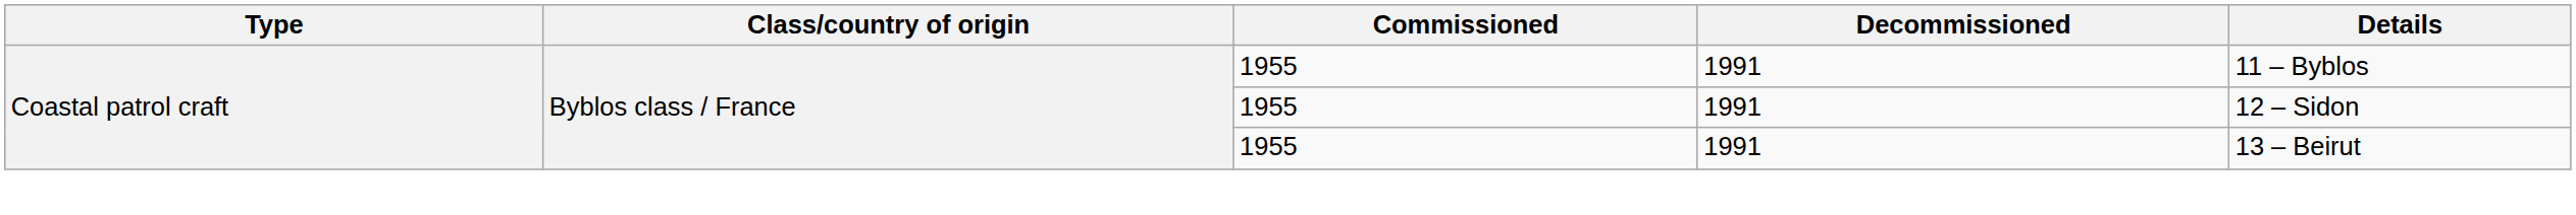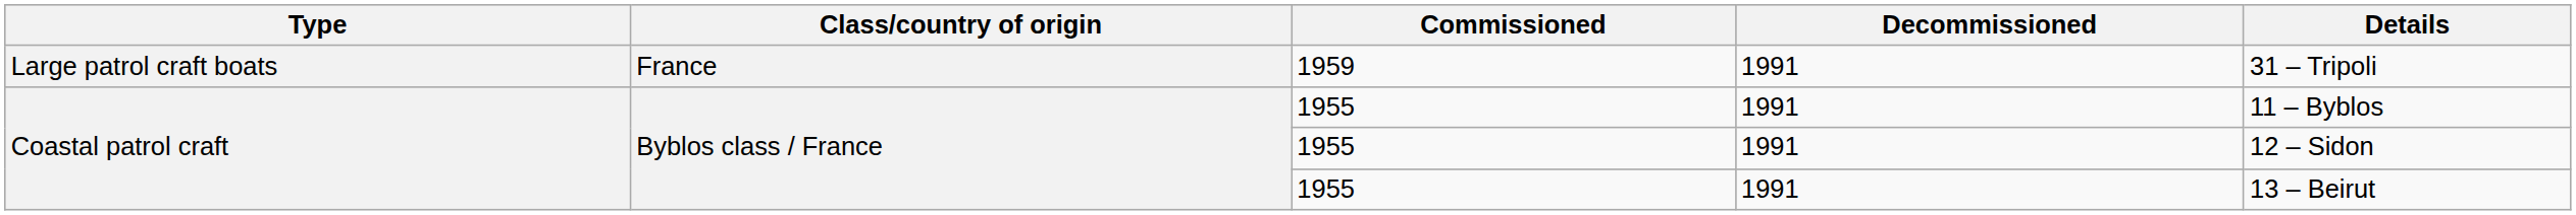 <table style="width:100%;" class="wikitable">
 <tr>
 <th>Type</th>
 <th>Class/country of origin</th>
 <th>Commissioned</th>
 <th>Decommissioned</th>
 <th>Details</th>
+</tr>
+<tr>
+<th style="text-align: left; font-weight: 100;">Large patrol craft boats</th>
+<th style="text-align: left; font-weight: 100;">France</th>
+<td style="text-align: left; font-weight: 100;">1959</td>
+<td style="text-align: left; font-weight: 100;">1991</td>
+<td style="text-align: left; font-weight: 100;">31 – Tripoli</td>
 </tr>
 <tr>
 <th style="text-align: left; font-weight: 100;" rowspan="3">Coastal patrol craft</th>
 <th style="text-align: left; font-weight: 100;" rowspan="3">Byblos class / France</th>
 <td style="text-align: left; font-weight: 100;">1955</td>
 <td style="text-align: left; font-weight: 100;">1991</td>
 <td style="text-align: left; font-weight: 100;">11 – Byblos</td>
 </tr>
 <tr>
 <td style="text-align: left; font-weight: 100;">1955</td>
 <td style="text-align: left; font-weight: 100;">1991</td>
 <td style="text-align: left; font-weight: 100;">12 – Sidon</td>
 </tr>
 <tr>
 <td style="text-align: left; font-weight: 100;">1955</td>
 <td style="text-align: left; font-weight: 100;">1991</td>
 <td style="text-align: left; font-weight: 100;">13 – Beirut</td>
 </tr>
 </table>
